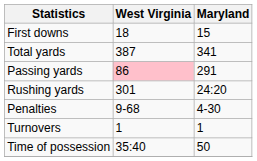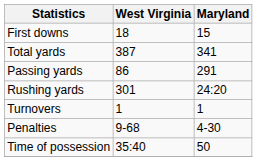 <table class="wikitable" style="float: left;">
 <tr>
 <th>Statistics</th>
 <th>West Virginia</th>
 <th>Maryland</th>
 </tr>
 <tr>
 <td>First downs</td>
 <td>18</td>
 <td>15</td>
 </tr>
 <tr>
 <td>Total yards</td>
 <td>387</td>
 <td>341</td>
 </tr>
 <tr>
 <td>Passing yards</td>
-<td style="background: pink;">86</td>
+<td>86</td>
 <td>291</td>
 </tr>
 <tr>
 <td>Rushing yards</td>
 <td>301</td>
 <td>24:20</td>
 </tr>
 <tr>
+<td>Turnovers</td>
+<td>1</td>
+<td>1</td>
+</tr>
+<tr>
 <td>Penalties</td>
 <td>9-68</td>
 <td>4-30</td>
-</tr>
-<tr>
-<td>Turnovers</td>
-<td>1</td>
-<td>1</td>
 </tr>
 <tr>
 <td>Time of possession</td>
 <td>35:40</td>
 <td>50</td>
 </tr>
 <tr>
 </tr>
 </table>
